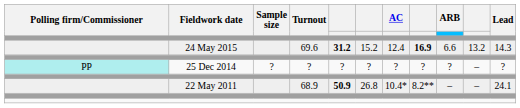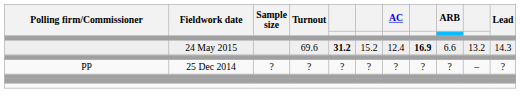 <table class="wikitable collapsible collapsed" style="text-align:center; font-size:95%; line-height:16px;">
 <tr style="height:42px;">
 <th style="width:250px;" rowspan="2">Polling firm/Commissioner</th>
 <th style="width:125px;" rowspan="2">Fieldwork date</th>
 <th style="width:50px;" rowspan="2">Sample size</th>
 <th style="width:45px;" rowspan="2">Turnout</th>
 <th style="width:35px;"></th>
 <th style="width:35px;"></th>
 <th style="width:35px;"><a href='#'>AC</a></th>
 <th style="width:35px;"></th>
 <th style="width:35px;">ARB</th>
 <th style="width:35px;"></th>
 <th style="width:30px;" rowspan="2">Lead</th>
 </tr>
 <tr>
 <th style="color:inherit;background:"></th>
 <th style="color:inherit;background:"></th>
 <th style="color:inherit;background:"></th>
 <th style="color:inherit;background:"></th>
 <th style="color:inherit;background:#05BDFF;"></th>
 <th style="color:inherit;background:"></th>
 </tr>
 <tr>
 <td colspan="11" style="background:#A0A0A0"></td>
 </tr>
 <tr style="background:#EFEFEF;">
 <td><strong></strong></td>
 <td>24 May 2015</td>
 <td></td>
 <td>69.6</td>
 <td><strong>31.2</strong><br></td>
 <td>15.2<br></td>
 <td>12.4<br></td>
 <td><strong>16.9<br></strong></td>
 <td>6.6<br></td>
 <td>13.2<br></td>
 <td style="background:">14.3</td>
 </tr>
 <tr>
 <td colspan="11" style="background:#A0A0A0"></td>
 </tr>
 <tr>
-<td style="background: paleturquoise;">PP</td>
+<td>PP</td>
 <td>25 Dec 2014</td>
 <td>?</td>
 <td>?</td>
 <td>?<br></td>
 <td>?<br></td>
 <td>?<br></td>
 <td>?<br></td>
 <td>?<br></td>
 <td>–</td>
 <td style="background:">?</td>
 </tr>
 <tr>
 <td colspan="11" style="background:#A0A0A0"></td>
 </tr>
-<tr style="background:#EFEFEF;">
-<td><strong></strong></td>
-<td>22 May 2011</td>
-<td></td>
-<td>68.9</td>
-<td><strong>50.9</strong><br></td>
-<td>26.8<br></td>
-<td>10.4*<br></td>
-<td>8.2**<br></td>
-<td>–</td>
-<td>–</td>
-<td style="background:">24.1</td>
-</tr>
 <tr>
 <td colspan="11" style="background:#A0A0A0"></td>
 </tr>
 <tr>
 <td align="left" colspan="11"></td>
 </tr>
 </table>
